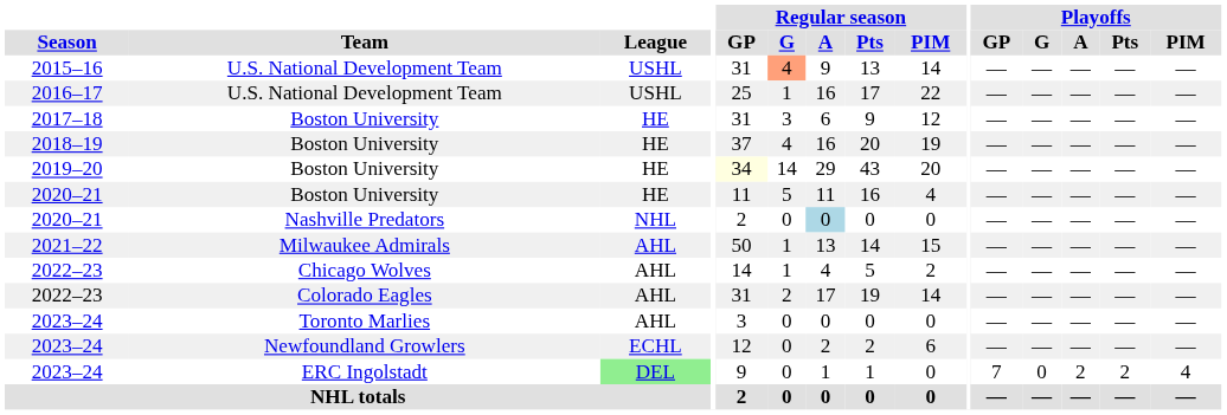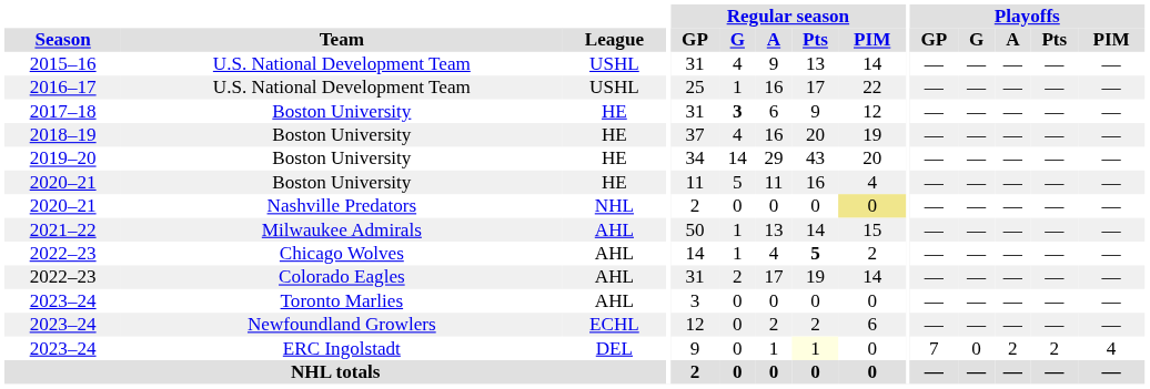 <table border="0" cellpadding="1" cellspacing="0" style="text-align:center; width:60em">
 <tr style="background:#e0e0e0;">
 <th colspan="3" style="background:#fff;"></th>
 <th rowspan="99" style="background:#fff;"></th>
 <th colspan="5"><a href='#'>Regular season</a></th>
 <th rowspan="99" style="background:#fff;"></th>
 <th colspan="5"><a href='#'>Playoffs</a></th>
 </tr>
 <tr style="background:#e0e0e0;">
 <th><a href='#'>Season</a></th>
 <th>Team</th>
 <th>League</th>
 <th>GP</th>
 <th><a href='#'>G</a></th>
 <th><a href='#'>A</a></th>
 <th><a href='#'>Pts</a></th>
 <th><a href='#'>PIM</a></th>
 <th>GP</th>
 <th>G</th>
 <th>A</th>
 <th>Pts</th>
 <th>PIM</th>
 </tr>
 <tr>
 <td><a href='#'>2015–16</a></td>
 <td><a href='#'>U.S. National Development Team</a></td>
 <td><a href='#'>USHL</a></td>
 <td>31</td>
-<td style="background: lightsalmon;">4</td>
+<td>4</td>
 <td>9</td>
 <td>13</td>
 <td>14</td>
 <td>—</td>
 <td>—</td>
 <td>—</td>
 <td>—</td>
 <td>—</td>
 </tr>
 <tr style="background:#f0f0f0;">
 <td><a href='#'>2016–17</a></td>
 <td>U.S. National Development Team</td>
 <td>USHL</td>
 <td>25</td>
 <td>1</td>
 <td>16</td>
 <td>17</td>
 <td>22</td>
 <td>—</td>
 <td>—</td>
 <td>—</td>
 <td>—</td>
 <td>—</td>
 </tr>
 <tr>
 <td><a href='#'>2017–18</a></td>
 <td><a href='#'>Boston University</a></td>
 <td><a href='#'>HE</a></td>
 <td>31</td>
-<td>3</td>
+<td><strong>3</strong></td>
 <td>6</td>
 <td>9</td>
 <td>12</td>
 <td>—</td>
 <td>—</td>
 <td>—</td>
 <td>—</td>
 <td>—</td>
 </tr>
 <tr style="background:#f0f0f0;">
 <td><a href='#'>2018–19</a></td>
 <td>Boston University</td>
 <td>HE</td>
 <td>37</td>
 <td>4</td>
 <td>16</td>
 <td>20</td>
 <td>19</td>
 <td>—</td>
 <td>—</td>
 <td>—</td>
 <td>—</td>
 <td>—</td>
 </tr>
 <tr>
 <td><a href='#'>2019–20</a></td>
 <td>Boston University</td>
 <td>HE</td>
-<td style="background: lightyellow;">34</td>
+<td>34</td>
 <td>14</td>
 <td>29</td>
 <td>43</td>
 <td>20</td>
 <td>—</td>
 <td>—</td>
 <td>—</td>
 <td>—</td>
 <td>—</td>
 </tr>
 <tr style="background:#f0f0f0;">
 <td><a href='#'>2020–21</a></td>
 <td>Boston University</td>
 <td>HE</td>
 <td>11</td>
 <td>5</td>
 <td>11</td>
 <td>16</td>
 <td>4</td>
 <td>—</td>
 <td>—</td>
 <td>—</td>
 <td>—</td>
 <td>—</td>
 </tr>
 <tr>
 <td><a href='#'>2020–21</a></td>
 <td><a href='#'>Nashville Predators</a></td>
 <td><a href='#'>NHL</a></td>
 <td>2</td>
 <td>0</td>
-<td style="background: lightblue;">0</td>
 <td>0</td>
 <td>0</td>
+<td style="background: khaki;">0</td>
 <td>—</td>
 <td>—</td>
 <td>—</td>
 <td>—</td>
 <td>—</td>
 </tr>
 <tr style="background:#f0f0f0;">
 <td><a href='#'>2021–22</a></td>
 <td><a href='#'>Milwaukee Admirals</a></td>
 <td><a href='#'>AHL</a></td>
 <td>50</td>
 <td>1</td>
 <td>13</td>
 <td>14</td>
 <td>15</td>
 <td>—</td>
 <td>—</td>
 <td>—</td>
 <td>—</td>
 <td>—</td>
 </tr>
 <tr>
 <td><a href='#'>2022–23</a></td>
 <td><a href='#'>Chicago Wolves</a></td>
 <td>AHL</td>
 <td>14</td>
 <td>1</td>
 <td>4</td>
-<td>5</td>
+<td><strong>5</strong></td>
 <td>2</td>
 <td>—</td>
 <td>—</td>
 <td>—</td>
 <td>—</td>
 <td>—</td>
 </tr>
 <tr style="background:#f0f0f0;">
 <td>2022–23</td>
 <td><a href='#'>Colorado Eagles</a></td>
 <td>AHL</td>
 <td>31</td>
 <td>2</td>
 <td>17</td>
 <td>19</td>
 <td>14</td>
 <td>—</td>
 <td>—</td>
 <td>—</td>
 <td>—</td>
 <td>—</td>
 </tr>
 <tr>
 <td><a href='#'>2023–24</a></td>
 <td><a href='#'>Toronto Marlies</a></td>
 <td>AHL</td>
 <td>3</td>
 <td>0</td>
 <td>0</td>
 <td>0</td>
 <td>0</td>
 <td>—</td>
 <td>—</td>
 <td>—</td>
 <td>—</td>
 <td>—</td>
 </tr>
 <tr style="background:#f0f0f0;">
 <td><a href='#'>2023–24</a></td>
 <td><a href='#'>Newfoundland Growlers</a></td>
 <td><a href='#'>ECHL</a></td>
 <td>12</td>
 <td>0</td>
 <td>2</td>
 <td>2</td>
 <td>6</td>
 <td>—</td>
 <td>—</td>
 <td>—</td>
 <td>—</td>
 <td>—</td>
 </tr>
 <tr>
 <td><a href='#'>2023–24</a></td>
 <td><a href='#'>ERC Ingolstadt</a></td>
-<td style="background: lightgreen;"><a href='#'>DEL</a></td>
+<td><a href='#'>DEL</a></td>
 <td>9</td>
 <td>0</td>
 <td>1</td>
-<td>1</td>
+<td style="background: lightyellow;">1</td>
 <td>0</td>
 <td>7</td>
 <td>0</td>
 <td>2</td>
 <td>2</td>
 <td>4</td>
 </tr>
 <tr style="background:#e0e0e0;">
 <th colspan="3">NHL totals</th>
 <th>2</th>
 <th>0</th>
 <th>0</th>
 <th>0</th>
 <th>0</th>
 <th>—</th>
 <th>—</th>
 <th>—</th>
 <th>—</th>
 <th>—</th>
 </tr>
 </table>
